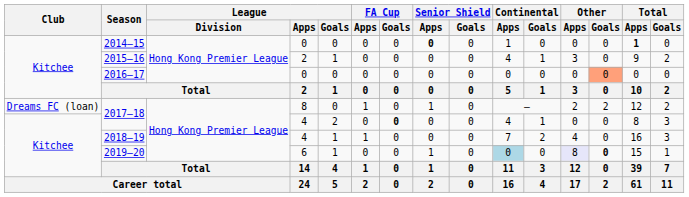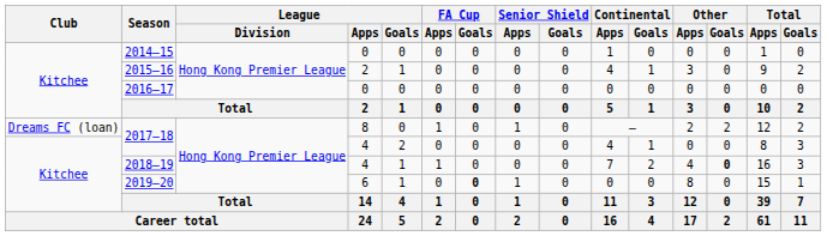 <table class="wikitable" style="text-align: center">
 <tr>
 <th rowspan="2">Club</th>
 <th rowspan="2">Season</th>
 <th colspan="3">League</th>
 <th colspan="2"><a href='#'>FA Cup</a></th>
 <th colspan="2"><a href='#'>Senior Shield</a></th>
 <th colspan="2">Continental</th>
 <th colspan="2">Other</th>
 <th colspan="2">Total</th>
 </tr>
 <tr>
 <th>Division</th>
 <th>Apps</th>
 <th>Goals</th>
 <th>Apps</th>
 <th>Goals</th>
 <th>Apps</th>
 <th>Goals</th>
 <th>Apps</th>
 <th>Goals</th>
 <th>Apps</th>
 <th>Goals</th>
 <th>Apps</th>
 <th>Goals</th>
 </tr>
 <tr>
 <td rowspan="4"><a href='#'>Kitchee</a></td>
 <td><a href='#'>2014–15</a></td>
 <td rowspan="3"><a href='#'>Hong Kong Premier League</a></td>
 <td>0</td>
 <td>0</td>
 <td>0</td>
 <td>0</td>
-<td><strong>0</strong></td>
+<td>0</td>
 <td>0</td>
 <td>1</td>
 <td>0</td>
 <td>0</td>
 <td>0</td>
-<td><strong>1</strong></td>
+<td>1</td>
 <td>0</td>
 </tr>
 <tr>
 <td><a href='#'>2015–16</a></td>
 <td>2</td>
 <td>1</td>
 <td>0</td>
 <td>0</td>
 <td>0</td>
 <td>0</td>
 <td>4</td>
 <td>1</td>
 <td>3</td>
 <td>0</td>
 <td>9</td>
 <td>2</td>
 </tr>
 <tr>
 <td><a href='#'>2016–17</a></td>
 <td>0</td>
 <td>0</td>
 <td>0</td>
 <td>0</td>
 <td>0</td>
 <td>0</td>
 <td>0</td>
 <td>0</td>
 <td>0</td>
-<td style="background: lightsalmon;">0</td>
+<td>0</td>
 <td>0</td>
 <td>0</td>
 </tr>
 <tr>
 <th colspan="2">Total</th>
 <th>2</th>
 <th>1</th>
 <th>0</th>
 <th>0</th>
 <th>0</th>
 <th>0</th>
 <th>5</th>
 <th>1</th>
 <th>3</th>
 <th>0</th>
 <th>10</th>
 <th>2</th>
 </tr>
 <tr>
 <td><a href='#'>Dreams FC</a> (loan)</td>
 <td rowspan="2"><a href='#'>2017–18</a></td>
 <td rowspan="4"><a href='#'>Hong Kong Premier League</a></td>
 <td>8</td>
 <td>0</td>
 <td>1</td>
 <td>0</td>
 <td>1</td>
 <td>0</td>
 <td colspan="2">—</td>
 <td>2</td>
 <td>2</td>
 <td>12</td>
 <td>2</td>
 </tr>
 <tr>
 <td rowspan="4"><a href='#'>Kitchee</a></td>
 <td>4</td>
 <td>2</td>
 <td>0</td>
-<td><strong>0</strong></td>
+<td>0</td>
 <td>0</td>
 <td>0</td>
 <td>4</td>
 <td>1</td>
 <td>0</td>
 <td>0</td>
 <td>8</td>
 <td>3</td>
 </tr>
 <tr>
 <td><a href='#'>2018–19</a></td>
 <td>4</td>
 <td>1</td>
 <td>1</td>
 <td>0</td>
 <td>0</td>
 <td>0</td>
 <td>7</td>
 <td>2</td>
 <td>4</td>
-<td>0</td>
+<td><strong>0</strong></td>
 <td>16</td>
 <td>3</td>
 </tr>
 <tr>
 <td><a href='#'>2019–20</a></td>
 <td>6</td>
 <td>1</td>
 <td>0</td>
-<td>0</td>
+<td><strong>0</strong></td>
 <td>1</td>
 <td>0</td>
-<td style="background: lightblue;">0</td>
 <td>0</td>
-<td style="background: lavender;">8</td>
-<td><strong>0</strong></td>
+<td>0</td>
+<td>8</td>
+<td>0</td>
 <td>15</td>
 <td>1</td>
 </tr>
 <tr>
 <th colspan="2">Total</th>
 <th>14</th>
 <th>4</th>
 <th>1</th>
 <th>0</th>
 <th>1</th>
 <th>0</th>
 <th>11</th>
 <th>3</th>
 <th>12</th>
 <th>0</th>
 <th>39</th>
 <th>7</th>
 </tr>
 <tr>
 <th colspan="3"><strong>Career total</strong></th>
 <th>24</th>
 <th>5</th>
 <th>2</th>
 <th>0</th>
 <th>2</th>
 <th>0</th>
 <th>16</th>
 <th>4</th>
 <th>17</th>
 <th>2</th>
 <th>61</th>
 <th>11</th>
 </tr>
 </table>
